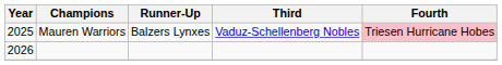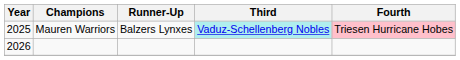 <table class="wikitable">
 <tr>
 <th>Year</th>
 <th>Champions</th>
 <th>Runner-Up</th>
 <th>Third</th>
 <th>Fourth</th>
 </tr>
 <tr>
 <td>2025</td>
 <td>Mauren Warriors</td>
 <td>Balzers Lynxes</td>
-<td><a href='#'>Vaduz-Schellenberg Nobles</a></td>
+<td style="background: paleturquoise;"><a href='#'>Vaduz-Schellenberg Nobles</a></td>
 <td style="background: pink;">Triesen Hurricane Hobes</td>
 </tr>
 <tr>
 <td>2026</td>
 <td></td>
 <td></td>
 <td></td>
 <td></td>
 </tr>
 <tr>
 </tr>
 </table>
